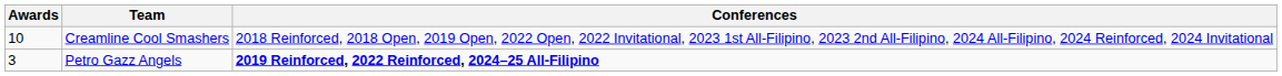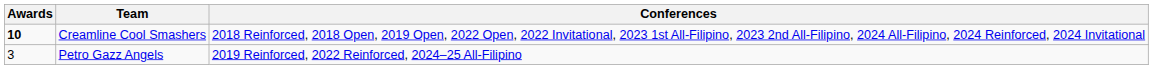 <table class="wikitable sortable">
 <tr>
 <th>Awards</th>
 <th>Team</th>
 <th class="unsortable">Conferences</th>
 </tr>
 <tr>
-<td>10</td>
+<td><strong>10</strong></td>
 <td><a href='#'>Creamline Cool Smashers</a></td>
 <td><a href='#'>2018 Reinforced</a>, <a href='#'>2018 Open</a>, <a href='#'>2019 Open</a>, <a href='#'>2022 Open</a>, <a href='#'>2022 Invitational</a>, <a href='#'>2023 1st All-Filipino</a>, <a href='#'>2023 2nd All-Filipino</a>, <a href='#'>2024 All-Filipino</a>, <a href='#'>2024 Reinforced</a>, <a href='#'>2024 Invitational</a></td>
 </tr>
 <tr>
 <td>3</td>
 <td><a href='#'>Petro Gazz Angels</a></td>
-<td><strong><a href='#'>2019 Reinforced</a>, <a href='#'>2022 Reinforced</a>, <a href='#'>2024–25 All-Filipino</a></strong></td>
+<td><a href='#'>2019 Reinforced</a>, <a href='#'>2022 Reinforced</a>, <a href='#'>2024–25 All-Filipino</a></td>
 </tr>
 </table>
